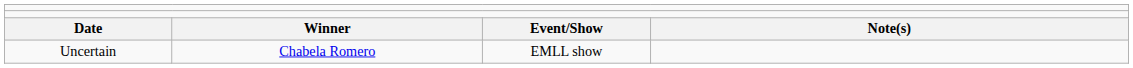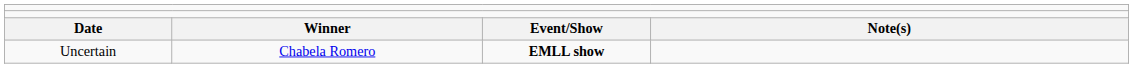 <table class="wikitable" style="text-align:center; width:100%;">
 <tr>
 <td colspan=5></td>
 </tr>
 <tr>
 <td colspan=5><strong></strong></td>
 </tr>
 <tr>
 <th width=14%>Date</th>
 <th width=26%>Winner</th>
 <th width=14%>Event/Show</th>
 <th width=40%>Note(s)</th>
 </tr>
 <tr>
 <td>Uncertain</td>
 <td><a href='#'>Chabela Romero</a></td>
-<td>EMLL show</td>
+<td><strong>EMLL show</strong></td>
 <td align=left></td>
 </tr>
 </table>
